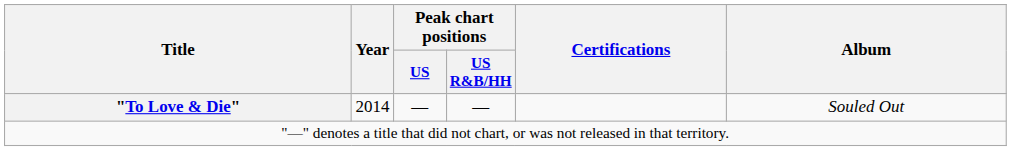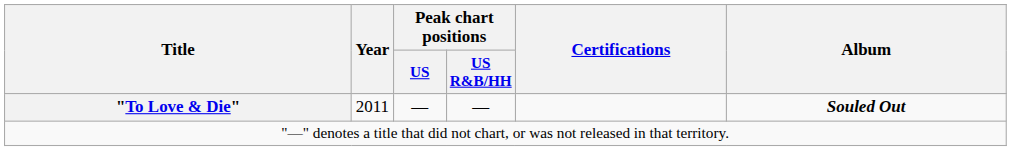 <table class="wikitable plainrowheaders" style="text-align:center;">
 <tr>
 <th scope="col" rowspan="2" style="width:20em;">Title</th>
 <th scope="col" rowspan="2">Year</th>
 <th scope="col" colspan="2">Peak chart positions</th>
 <th scope="col" rowspan="2" style="width:12em;"><a href='#'>Certifications</a></th>
 <th scope="col" rowspan="2" style="width:16em;">Album</th>
 </tr>
 <tr>
 <th style="width:3em;font-size:90%;"><a href='#'>US</a></th>
 <th style="width:3em;font-size:90%;"><a href='#'>US<br>R&B/HH</a></th>
 </tr>
 <tr>
 <th scope="row">"<a href='#'>To Love & Die</a>"<br></th>
-<td>2014</td>
+<td>2011</td>
 <td>—</td>
 <td>—</td>
 <td></td>
-<td><em>Souled Out</em></td>
+<td><strong><em>Souled Out</em></strong></td>
 </tr>
 <tr>
 <td colspan="7" style="font-size:90%">"—" denotes a title that did not chart, or was not released in that territory.</td>
 </tr>
 </table>
